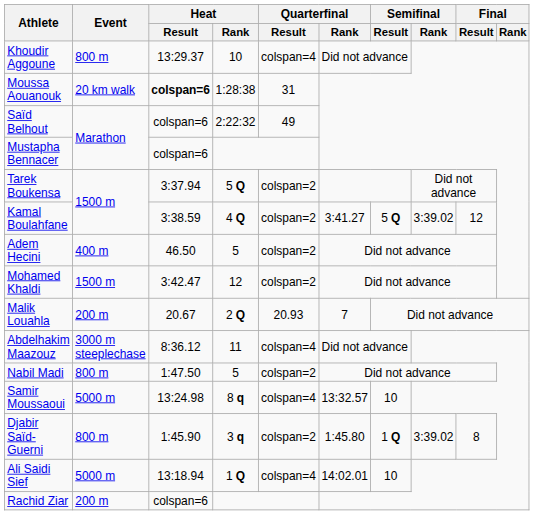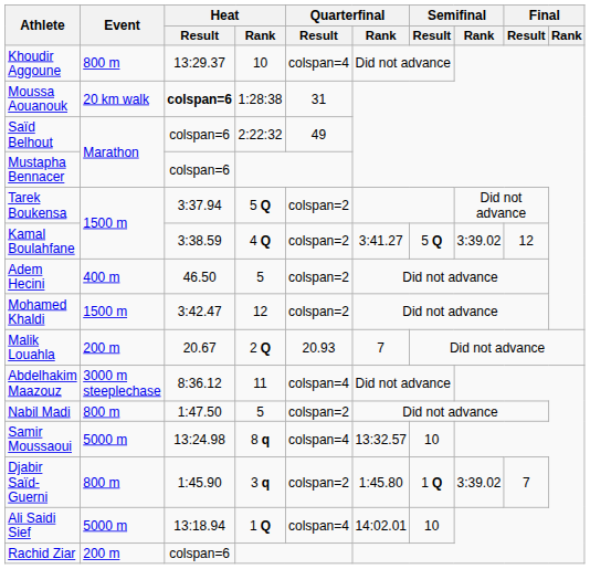 <table class="wikitable" style="font-size:90%">
 <tr>
 <th rowspan="2">Athlete</th>
 <th rowspan="2">Event</th>
 <th colspan="2">Heat</th>
 <th colspan="2">Quarterfinal</th>
 <th colspan="2">Semifinal</th>
 <th colspan="2">Final</th>
 </tr>
 <tr style="font-size:95%">
 <th>Result</th>
 <th>Rank</th>
 <th>Result</th>
 <th>Rank</th>
 <th>Result</th>
 <th>Rank</th>
 <th>Result</th>
 <th>Rank</th>
 </tr>
 <tr align=center>
 <td align="left"><a href='#'>Khoudir Aggoune</a></td>
 <td align="left"><a href='#'>800 m</a></td>
 <td>13:29.37</td>
 <td>10</td>
 <td>colspan=4 </td>
 <td colspan=2>Did not advance</td>
 </tr>
 <tr align=center>
 <td align="left"><a href='#'>Moussa Aouanouk</a></td>
 <td align="left"><a href='#'>20 km walk</a></td>
 <td><strong>colspan=6 </strong></td>
 <td>1:28:38</td>
 <td>31</td>
 </tr>
 <tr align=center>
 <td align="left"><a href='#'>Saïd Belhout</a></td>
 <td align="left" rowspan=2><a href='#'>Marathon</a></td>
 <td>colspan=6 </td>
 <td>2:22:32</td>
 <td>49</td>
 </tr>
 <tr align=center>
 <td align="left"><a href='#'>Mustapha Bennacer</a></td>
 <td>colspan=6 </td>
 <td colspan=2></td>
 </tr>
 <tr align=center>
 <td align="left"><a href='#'>Tarek Boukensa</a></td>
 <td align="left" rowspan=2><a href='#'>1500 m</a></td>
 <td>3:37.94</td>
 <td>5 <strong>Q</strong></td>
 <td>colspan=2 </td>
 <td colspan=2></td>
 <td colspan=2>Did not advance</td>
 </tr>
 <tr align=center>
 <td align="left"><a href='#'>Kamal Boulahfane</a></td>
 <td>3:38.59</td>
 <td>4 <strong>Q</strong></td>
 <td>colspan=2 </td>
 <td>3:41.27</td>
 <td>5 <strong>Q</strong></td>
 <td>3:39.02</td>
 <td>12</td>
 </tr>
 <tr align=center>
 <td align="left"><a href='#'>Adem Hecini</a></td>
 <td align="left"><a href='#'>400 m</a></td>
 <td>46.50</td>
 <td>5</td>
 <td>colspan=2 </td>
 <td colspan=4>Did not advance</td>
 </tr>
 <tr align=center>
 <td align="left"><a href='#'>Mohamed Khaldi</a></td>
 <td align="left"><a href='#'>1500 m</a></td>
 <td>3:42.47</td>
 <td>12</td>
 <td>colspan=2 </td>
 <td colspan=4>Did not advance</td>
 </tr>
 <tr align=center>
 <td align="left"><a href='#'>Malik Louahla</a></td>
 <td align="left"><a href='#'>200 m</a></td>
 <td>20.67</td>
 <td>2 <strong>Q</strong></td>
 <td>20.93</td>
 <td>7</td>
 <td colspan=4>Did not advance</td>
 </tr>
 <tr align=center>
 <td align="left"><a href='#'>Abdelhakim Maazouz</a></td>
 <td align="left"><a href='#'>3000 m steeplechase</a></td>
 <td>8:36.12</td>
 <td>11</td>
 <td>colspan=4 </td>
 <td colspan=2>Did not advance</td>
 </tr>
 <tr align=center>
 <td align="left"><a href='#'>Nabil Madi</a></td>
 <td align="left"><a href='#'>800 m</a></td>
 <td>1:47.50</td>
 <td>5</td>
 <td>colspan=2 </td>
 <td colspan=4>Did not advance</td>
 </tr>
 <tr align=center>
 <td align="left"><a href='#'>Samir Moussaoui</a></td>
 <td align="left"><a href='#'>5000 m</a></td>
 <td>13:24.98</td>
 <td>8 <strong>q</strong></td>
 <td>colspan=4 </td>
 <td>13:32.57</td>
 <td>10</td>
 </tr>
 <tr align=center>
 <td align="left"><a href='#'>Djabir Saïd-Guerni</a></td>
 <td align="left"><a href='#'>800 m</a></td>
 <td>1:45.90</td>
 <td>3 <strong>q</strong></td>
 <td>colspan=2 </td>
 <td>1:45.80</td>
 <td>1 <strong>Q</strong></td>
 <td>3:39.02</td>
-<td>8</td>
+<td>7</td>
 </tr>
 <tr align=center>
 <td align="left"><a href='#'>Ali Saidi Sief</a></td>
 <td align="left"><a href='#'>5000 m</a></td>
 <td>13:18.94</td>
 <td>1 <strong>Q</strong></td>
 <td>colspan=4 </td>
 <td>14:02.01</td>
 <td>10</td>
 </tr>
 <tr align=center>
 <td align="left"><a href='#'>Rachid Ziar</a></td>
 <td align="left"><a href='#'>200 m</a></td>
 <td>colspan=6 </td>
 <td colspan=2></td>
 </tr>
 </table>
